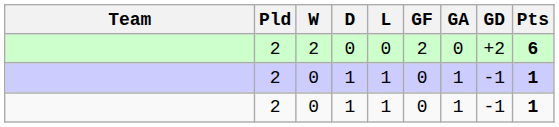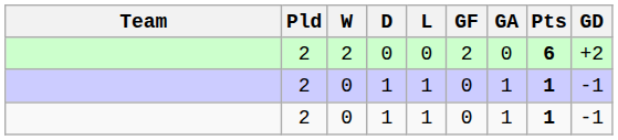 <table class="wikitable" style="text-align: center;">
 <tr>
 <th width=175>Team</th>
 <th width=20 abbr="Played">Pld</th>
 <th width=20 abbr="Won">W</th>
 <th width=20 abbr="Drawn">D</th>
 <th width=20 abbr="Lost">L</th>
 <th width=20 abbr="Goals for">GF</th>
 <th width=20 abbr="Goals against">GA</th>
+<th width=20 abbr="Points">Pts</th>
 <th width=20 abbr="Goal difference">GD</th>
-<th width=20 abbr="Points">Pts</th>
 </tr>
 <tr bgcolor=#ccffcc>
 <td align=left></td>
 <td>2</td>
 <td>2</td>
 <td>0</td>
 <td>0</td>
 <td>2</td>
 <td>0</td>
+<td><strong>6</strong></td>
 <td>+2</td>
-<td><strong>6</strong></td>
 </tr>
 <tr bgcolor=#ccccff>
 <td align=left></td>
 <td>2</td>
 <td>0</td>
 <td>1</td>
 <td>1</td>
 <td>0</td>
 <td>1</td>
+<td><strong>1</strong></td>
 <td>-1</td>
-<td><strong>1</strong></td>
 </tr>
 <tr>
 <td align=left></td>
 <td>2</td>
 <td>0</td>
 <td>1</td>
 <td>1</td>
 <td>0</td>
 <td>1</td>
+<td><strong>1</strong></td>
 <td>-1</td>
-<td><strong>1</strong></td>
 </tr>
 </table>
